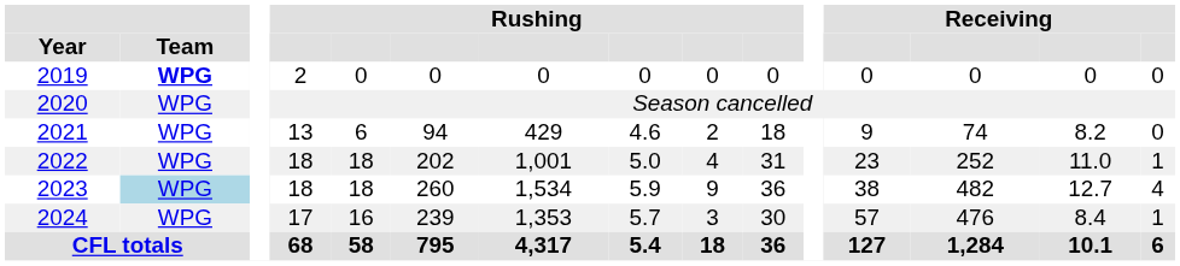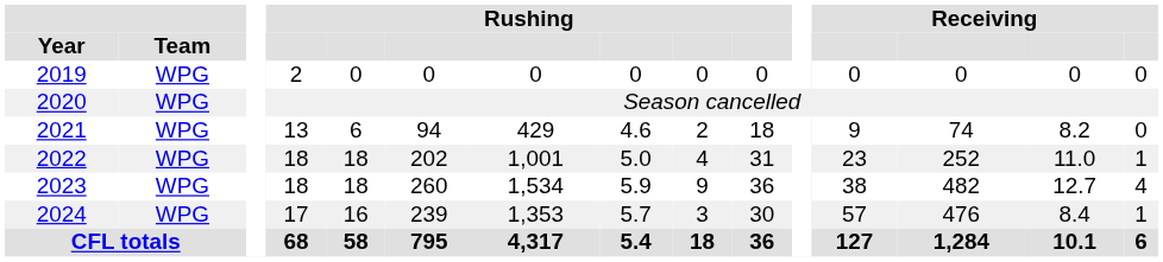 <table BORDER="0" CELLPADDING="1" CELLSPACING="0" width="65%" style="text-align:center">
 <tr bgcolor="#e0e0e0">
 <th colspan="2"></th>
 <th rowspan="100" bgcolor="#ffffff"> </th>
 <th colspan="7">Rushing</th>
 <th rowspan="100" bgcolor="#ffffff"> </th>
 <th colspan="4">Receiving</th>
 </tr>
 <tr bgcolor="#e0e0e0">
 <th>Year</th>
 <th>Team</th>
 <th></th>
 <th></th>
 <th></th>
 <th></th>
 <th></th>
 <th></th>
 <th></th>
 <th></th>
 <th></th>
 <th></th>
 <th></th>
 </tr>
 <tr>
 <td><a href='#'>2019</a></td>
-<td><strong><a href='#'>WPG</a></strong></td>
+<td><a href='#'>WPG</a></td>
 <td>2</td>
 <td>0</td>
 <td>0</td>
 <td>0</td>
 <td>0</td>
 <td>0</td>
 <td>0</td>
 <td>0</td>
 <td>0</td>
 <td>0</td>
 <td>0</td>
 </tr>
 <tr bgcolor="#f0f0f0" ALIGN="center">
 <td><a href='#'>2020</a></td>
 <td><a href='#'>WPG</a></td>
 <td colspan="12"><em>Season cancelled</em></td>
 </tr>
 <tr>
 <td><a href='#'>2021</a></td>
 <td><a href='#'>WPG</a></td>
 <td>13</td>
 <td>6</td>
 <td>94</td>
 <td>429</td>
 <td>4.6</td>
 <td>2</td>
 <td>18</td>
 <td>9</td>
 <td>74</td>
 <td>8.2</td>
 <td>0</td>
 </tr>
 <tr bgcolor="#f0f0f0">
 <td><a href='#'>2022</a></td>
 <td><a href='#'>WPG</a></td>
 <td>18</td>
 <td>18</td>
 <td>202</td>
 <td>1,001</td>
 <td>5.0</td>
 <td>4</td>
 <td>31</td>
 <td>23</td>
 <td>252</td>
 <td>11.0</td>
 <td>1</td>
 </tr>
 <tr>
 <td><a href='#'>2023</a></td>
-<td style="background: lightblue;"><a href='#'>WPG</a></td>
+<td><a href='#'>WPG</a></td>
 <td>18</td>
 <td>18</td>
 <td>260</td>
 <td>1,534</td>
 <td>5.9</td>
 <td>9</td>
 <td>36</td>
 <td>38</td>
 <td>482</td>
 <td>12.7</td>
 <td>4</td>
 </tr>
 <tr bgcolor="#f0f0f0">
 <td><a href='#'>2024</a></td>
 <td><a href='#'>WPG</a></td>
 <td>17</td>
 <td>16</td>
 <td>239</td>
 <td>1,353</td>
 <td>5.7</td>
 <td>3</td>
 <td>30</td>
 <td>57</td>
 <td>476</td>
 <td>8.4</td>
 <td>1</td>
 </tr>
 <tr bgcolor="#e0e0e0">
 <th colspan="2"><a href='#'>CFL totals</a></th>
 <th>68</th>
 <th>58</th>
 <th>795</th>
 <th>4,317</th>
 <th>5.4</th>
 <th>18</th>
 <th>36</th>
 <th>127</th>
 <th>1,284</th>
 <th>10.1</th>
 <th>6</th>
 </tr>
 </table>
